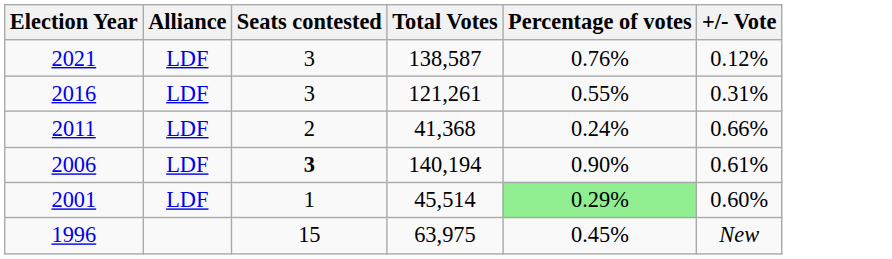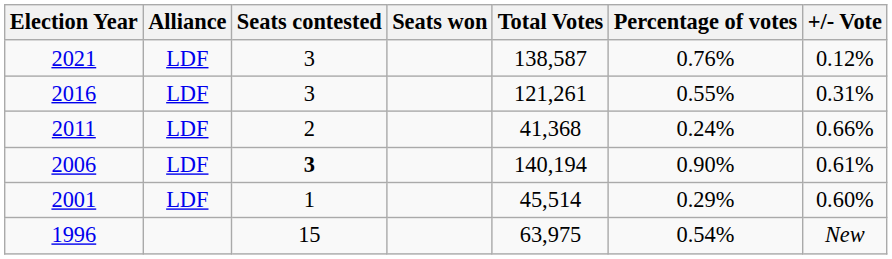 <table class="wikitable" style="text-align:center">
 <tr>
 <th Style="background-color:">Election Year</th>
 <th Style="background-color:">Alliance</th>
 <th Style="background-color:">Seats contested</th>
+<th Style="background-color:">Seats won</th>
 <th Style="background-color:">Total Votes</th>
 <th Style="background-color:">Percentage of votes</th>
 <th Style="background-color:">+/- Vote</th>
 </tr>
 <tr>
 <td><a href='#'>2021</a></td>
 <td><a href='#'>LDF</a></td>
 <td>3</td>
+<td></td>
 <td>138,587</td>
 <td>0.76%</td>
 <td> 0.12%</td>
 </tr>
 <tr>
 <td><a href='#'>2016</a></td>
 <td><a href='#'>LDF</a></td>
 <td>3</td>
+<td></td>
 <td>121,261</td>
 <td>0.55%</td>
 <td> 0.31%</td>
 </tr>
 <tr>
 <td><a href='#'>2011</a></td>
 <td><a href='#'>LDF</a></td>
 <td>2</td>
+<td></td>
 <td>41,368</td>
 <td>0.24%</td>
 <td> 0.66%</td>
 </tr>
 <tr>
 <td><a href='#'>2006</a></td>
 <td><a href='#'>LDF</a></td>
 <td><strong>3</strong></td>
+<td></td>
 <td>140,194</td>
 <td>0.90%</td>
 <td> 0.61%</td>
 </tr>
 <tr>
 <td><a href='#'>2001</a></td>
 <td><a href='#'>LDF</a></td>
 <td>1</td>
+<td></td>
 <td>45,514</td>
-<td style="background: lightgreen;">0.29%</td>
+<td>0.29%</td>
 <td> 0.60%</td>
 </tr>
 <tr>
 <td><a href='#'>1996</a></td>
 <td></td>
 <td>15</td>
+<td></td>
 <td>63,975</td>
-<td>0.45%</td>
+<td>0.54%</td>
 <td><em>New</em></td>
 </tr>
 </table>
